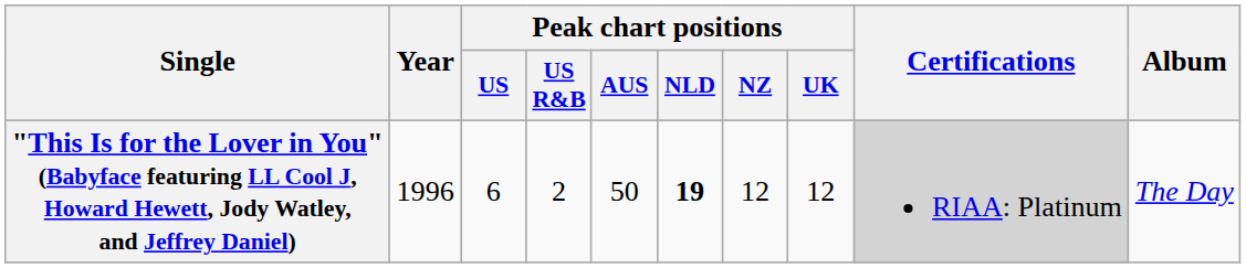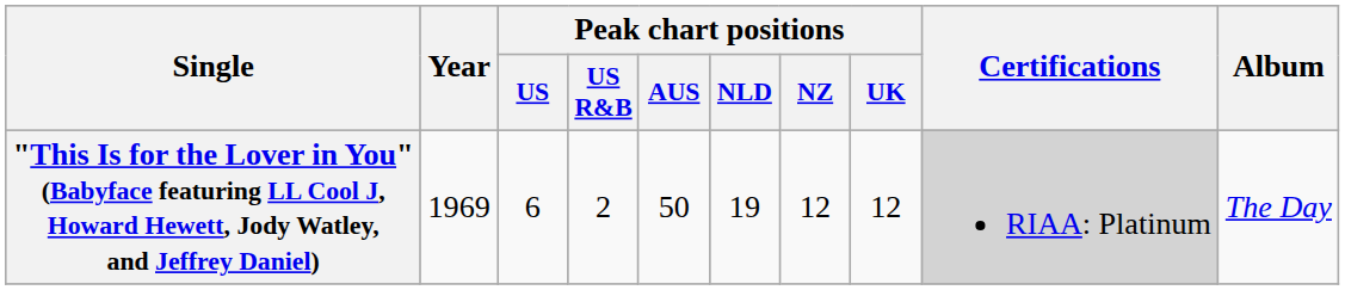 <table class="wikitable plainrowheaders" style="text-align:center;">
 <tr>
 <th rowspan="2">Single</th>
 <th rowspan="2">Year</th>
 <th colspan="6">Peak chart positions</th>
 <th rowspan="2"><a href='#'>Certifications</a></th>
 <th rowspan="2">Album</th>
 </tr>
 <tr style="font-size:smaller;">
 <th width="30"><a href='#'>US</a><br></th>
 <th width="30"><a href='#'>US R&B</a><br></th>
 <th width="30"><a href='#'>AUS</a><br></th>
 <th width="30"><a href='#'>NLD</a><br></th>
 <th width="30"><a href='#'>NZ</a><br></th>
 <th width="30"><a href='#'>UK</a><br></th>
 </tr>
 <tr>
 <th scope="row">"<a href='#'>This Is for the Lover in You</a>"<br><small>(<a href='#'>Babyface</a> featuring <a href='#'>LL Cool J</a>,<br><a href='#'>Howard Hewett</a>, Jody Watley,<br>and <a href='#'>Jeffrey Daniel</a>)</small></th>
-<td>1996</td>
+<td>1969</td>
 <td>6</td>
 <td>2</td>
 <td>50</td>
-<td><strong>19</strong></td>
+<td>19</td>
 <td>12</td>
 <td>12</td>
 <td align="left" style="background: lightgrey;"><br><ul><li><a href='#'>RIAA</a>: Platinum</li></ul></td>
 <td align="left"><em><a href='#'>The Day</a></em></td>
 </tr>
 </table>
